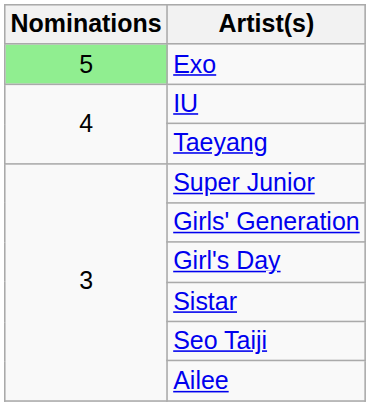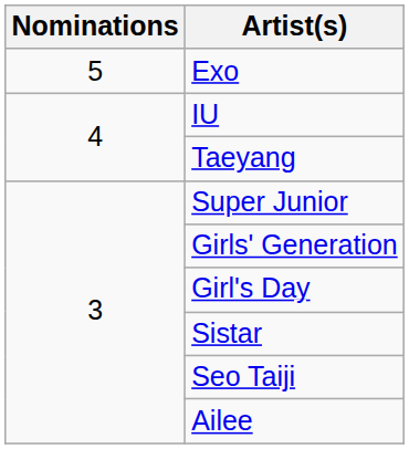 <table class="wikitable">
 <tr>
 <th scope="col">Nominations</th>
 <th scope="col">Artist(s)</th>
 </tr>
 <tr>
-<td align=center style="background: lightgreen;">5</td>
+<td align=center>5</td>
 <td><a href='#'>Exo</a></td>
 </tr>
 <tr>
 <td align=center rowspan=2>4</td>
 <td><a href='#'>IU</a></td>
 </tr>
 <tr>
 <td><a href='#'>Taeyang</a></td>
 </tr>
 <tr>
 <td align=center rowspan=7>3</td>
 <td><a href='#'>Super Junior</a></td>
 </tr>
 <tr>
 <td><a href='#'>Girls' Generation</a></td>
 </tr>
 <tr>
 <td><a href='#'>Girl's Day</a></td>
 </tr>
 <tr>
 <td><a href='#'>Sistar</a></td>
 </tr>
 <tr>
 <td><a href='#'>Seo Taiji</a></td>
 </tr>
 <tr>
 <td><a href='#'>Ailee</a></td>
 </tr>
 </table>
